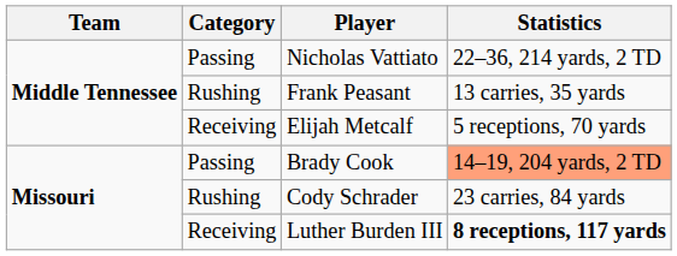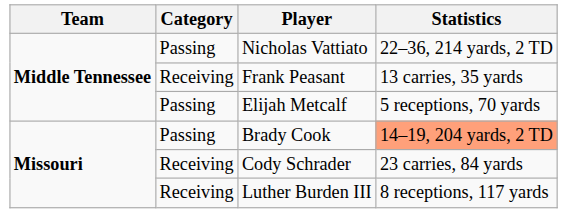 <table class="wikitable" style="float: right;">
 <tr>
 <th>Team</th>
 <th>Category</th>
 <th>Player</th>
 <th>Statistics</th>
 </tr>
 <tr>
 <td rowspan=3><strong>Middle Tennessee</strong></td>
 <td>Passing</td>
 <td>Nicholas Vattiato</td>
 <td>22–36, 214 yards, 2 TD</td>
 </tr>
 <tr>
-<td>Rushing</td>
+<td>Receiving</td>
 <td>Frank Peasant</td>
 <td>13 carries, 35 yards</td>
 </tr>
 <tr>
-<td>Receiving</td>
+<td>Passing</td>
 <td>Elijah Metcalf</td>
 <td>5 receptions, 70 yards</td>
 </tr>
 <tr>
 <td rowspan=3><strong>Missouri</strong></td>
 <td>Passing</td>
 <td>Brady Cook</td>
 <td style="background: lightsalmon;">14–19, 204 yards, 2 TD</td>
 </tr>
 <tr>
-<td>Rushing</td>
+<td>Receiving</td>
 <td>Cody Schrader</td>
 <td>23 carries, 84 yards</td>
 </tr>
 <tr>
 <td>Receiving</td>
 <td>Luther Burden III</td>
-<td><strong>8 receptions, 117 yards</strong></td>
+<td>8 receptions, 117 yards</td>
 </tr>
 </table>
